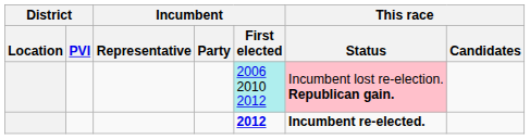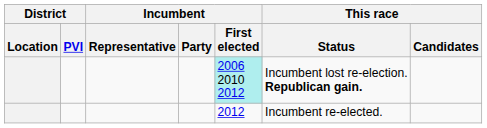 <table class="wikitable sortable">
 <tr valign=bottom>
 <th colspan=2>District</th>
 <th colspan=3>Incumbent</th>
 <th colspan=2>This race</th>
 </tr>
 <tr valign=bottom>
 <th>Location</th>
 <th><a href='#'>PVI</a></th>
 <th>Representative</th>
 <th>Party</th>
 <th>First<br>elected</th>
 <th>Status</th>
 <th>Candidates</th>
 </tr>
 <tr>
 <th></th>
 <td></td>
 <td></td>
 <td></td>
 <td style="background: paleturquoise;"><a href='#'>2006</a><br>2010 <br><a href='#'>2012</a></td>
-<td style="background: pink;">Incumbent lost re-election.<br><strong>Republican gain.</strong></td>
+<td>Incumbent lost re-election.<br><strong>Republican gain.</strong></td>
 <td nowrap></td>
 </tr>
 <tr>
 <th></th>
 <td></td>
 <td></td>
 <td></td>
-<td><strong><a href='#'>2012</a></strong></td>
-<td><strong>Incumbent re-elected.</strong></td>
+<td><a href='#'>2012</a></td>
+<td>Incumbent re-elected.</td>
 <td nowrap></td>
 </tr>
 </table>
